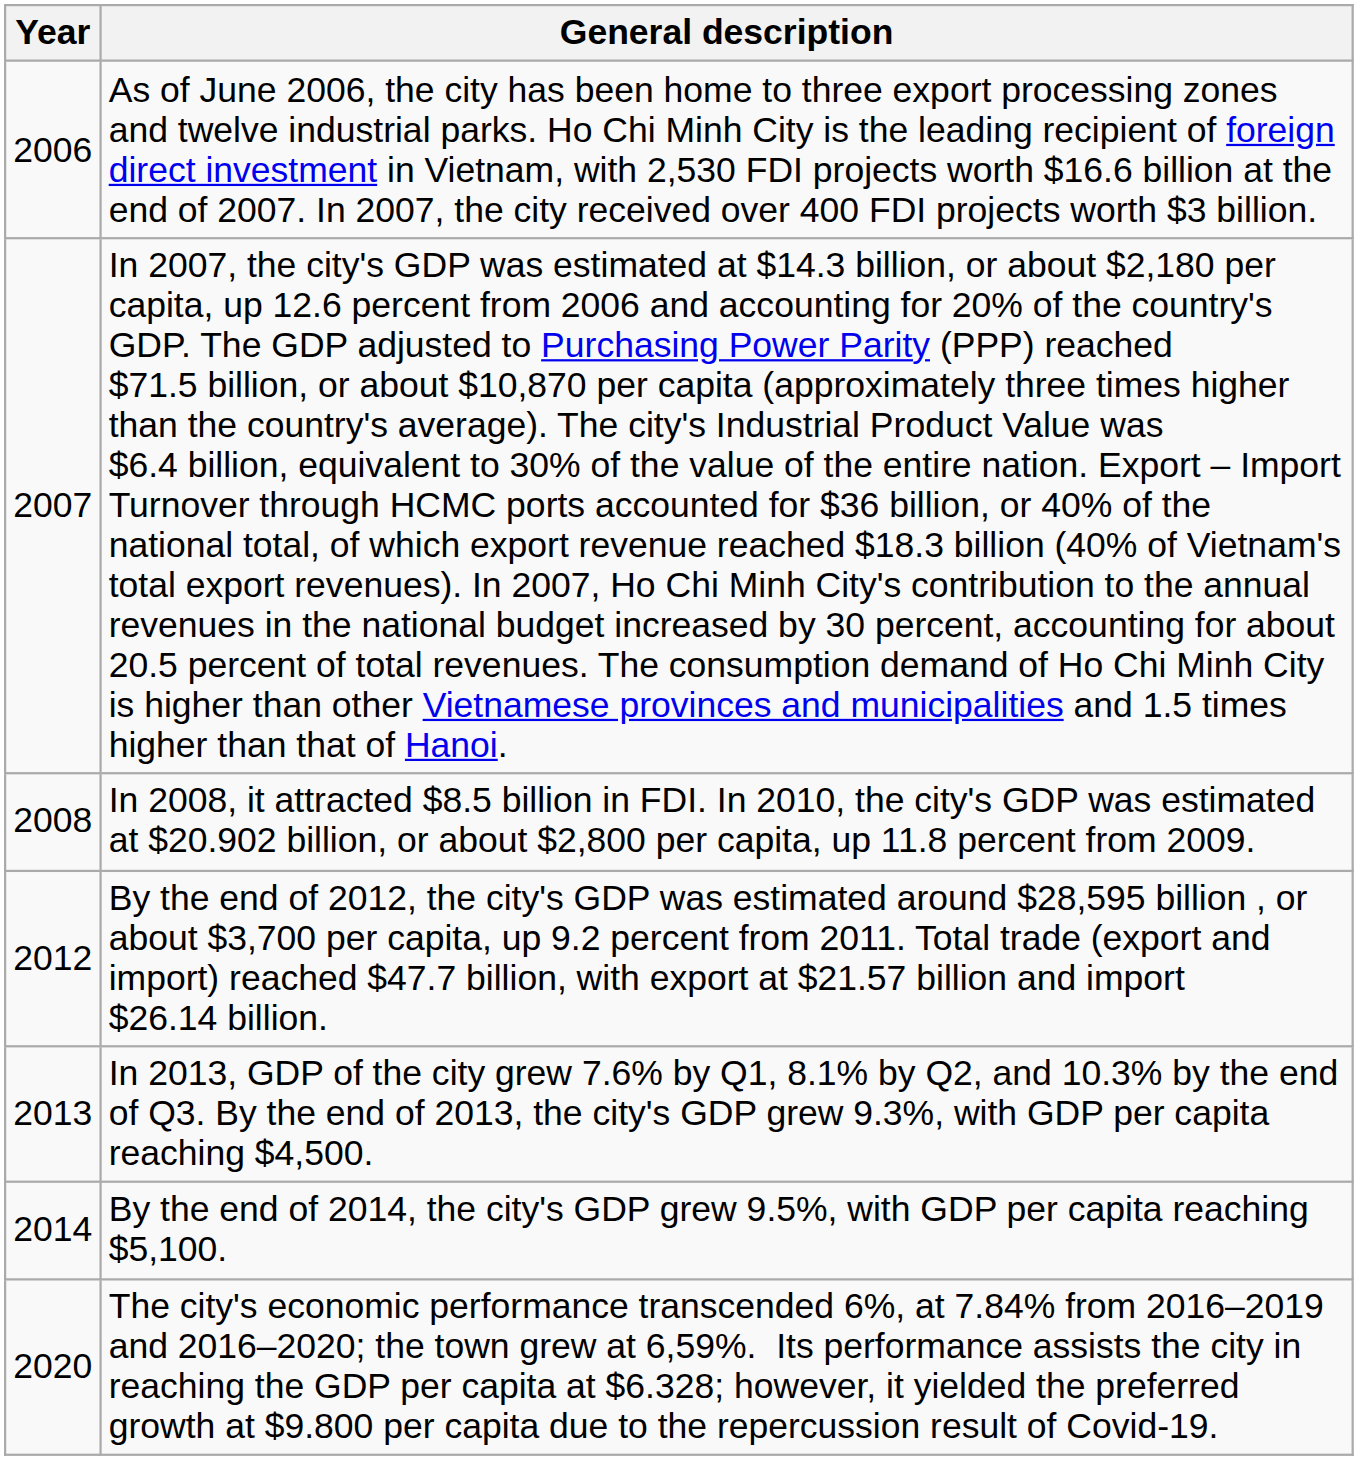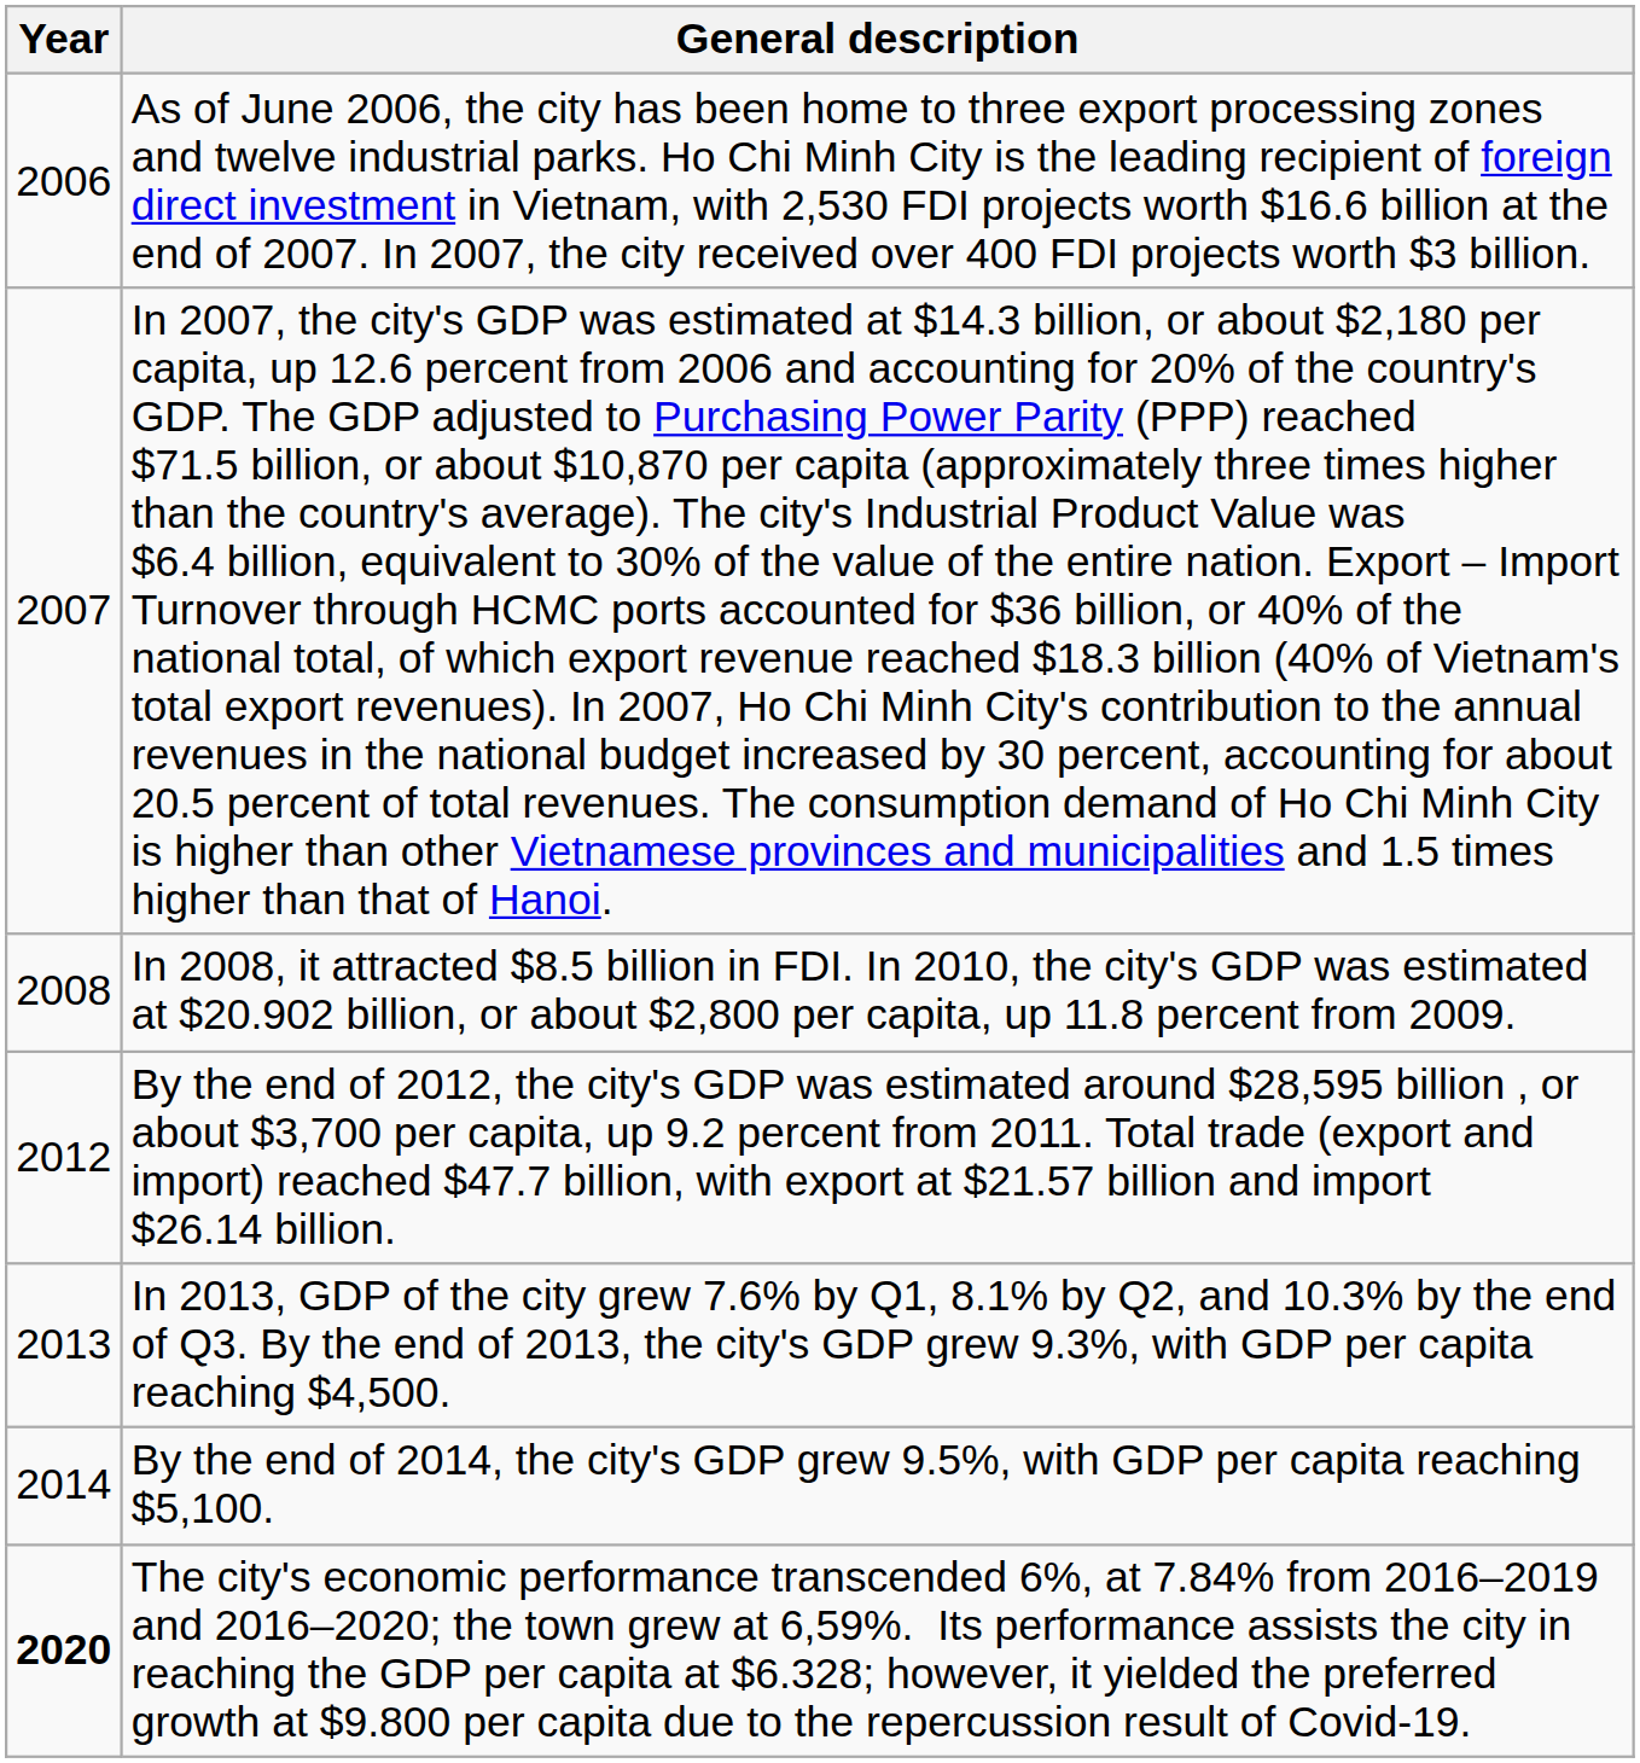 <table class="wikitable">
 <tr>
 <th>Year</th>
 <th>General description</th>
 </tr>
 <tr>
 <td>2006</td>
 <td>As of June 2006, the city has been home to three export processing zones and twelve industrial parks. Ho Chi Minh City is the leading recipient of <a href='#'>foreign direct investment</a> in Vietnam, with 2,530 FDI projects worth $16.6 billion at the end of 2007. In 2007, the city received over 400 FDI projects worth $3 billion.</td>
 </tr>
 <tr>
 <td>2007</td>
 <td>In 2007, the city's GDP was estimated at $14.3 billion, or about $2,180 per capita, up 12.6 percent from 2006 and accounting for 20% of the country's GDP. The GDP adjusted to <a href='#'>Purchasing Power Parity</a> (PPP) reached $71.5 billion, or about $10,870 per capita (approximately three times higher than the country's average). The city's Industrial Product Value was $6.4 billion, equivalent to 30% of the value of the entire nation. Export – Import Turnover through HCMC ports accounted for $36 billion, or 40% of the national total, of which export revenue reached $18.3 billion (40% of Vietnam's total export revenues). In 2007, Ho Chi Minh City's contribution to the annual revenues in the national budget increased by 30 percent, accounting for about 20.5 percent of total revenues. The consumption demand of Ho Chi Minh City is higher than other <a href='#'>Vietnamese provinces and municipalities</a> and 1.5 times higher than that of <a href='#'>Hanoi</a>.</td>
 </tr>
 <tr>
 <td>2008</td>
 <td>In 2008, it attracted $8.5 billion in FDI. In 2010, the city's GDP was estimated at $20.902 billion, or about $2,800 per capita, up 11.8 percent from 2009.</td>
 </tr>
 <tr>
 <td>2012</td>
 <td>By the end of 2012, the city's GDP was estimated around $28,595 billion , or about $3,700 per capita, up 9.2 percent from 2011. Total trade (export and import) reached $47.7 billion, with export at $21.57 billion and import $26.14 billion.</td>
 </tr>
 <tr>
 <td>2013</td>
 <td>In 2013, GDP of the city grew 7.6% by Q1, 8.1% by Q2, and 10.3% by the end of Q3. By the end of 2013, the city's GDP grew 9.3%, with GDP per capita reaching $4,500.</td>
 </tr>
 <tr>
 <td>2014</td>
 <td>By the end of 2014, the city's GDP grew 9.5%, with GDP per capita reaching $5,100.</td>
 </tr>
 <tr>
-<td>2020</td>
+<td><strong>2020</strong></td>
 <td>The city's economic performance transcended 6%, at 7.84% from 2016–2019 and 2016–2020; the town grew at 6,59%.  Its performance assists the city in reaching the GDP per capita at $6.328; however, it yielded the preferred growth at $9.800 per capita due to the repercussion result of Covid-19.</td>
 </tr>
 </table>
